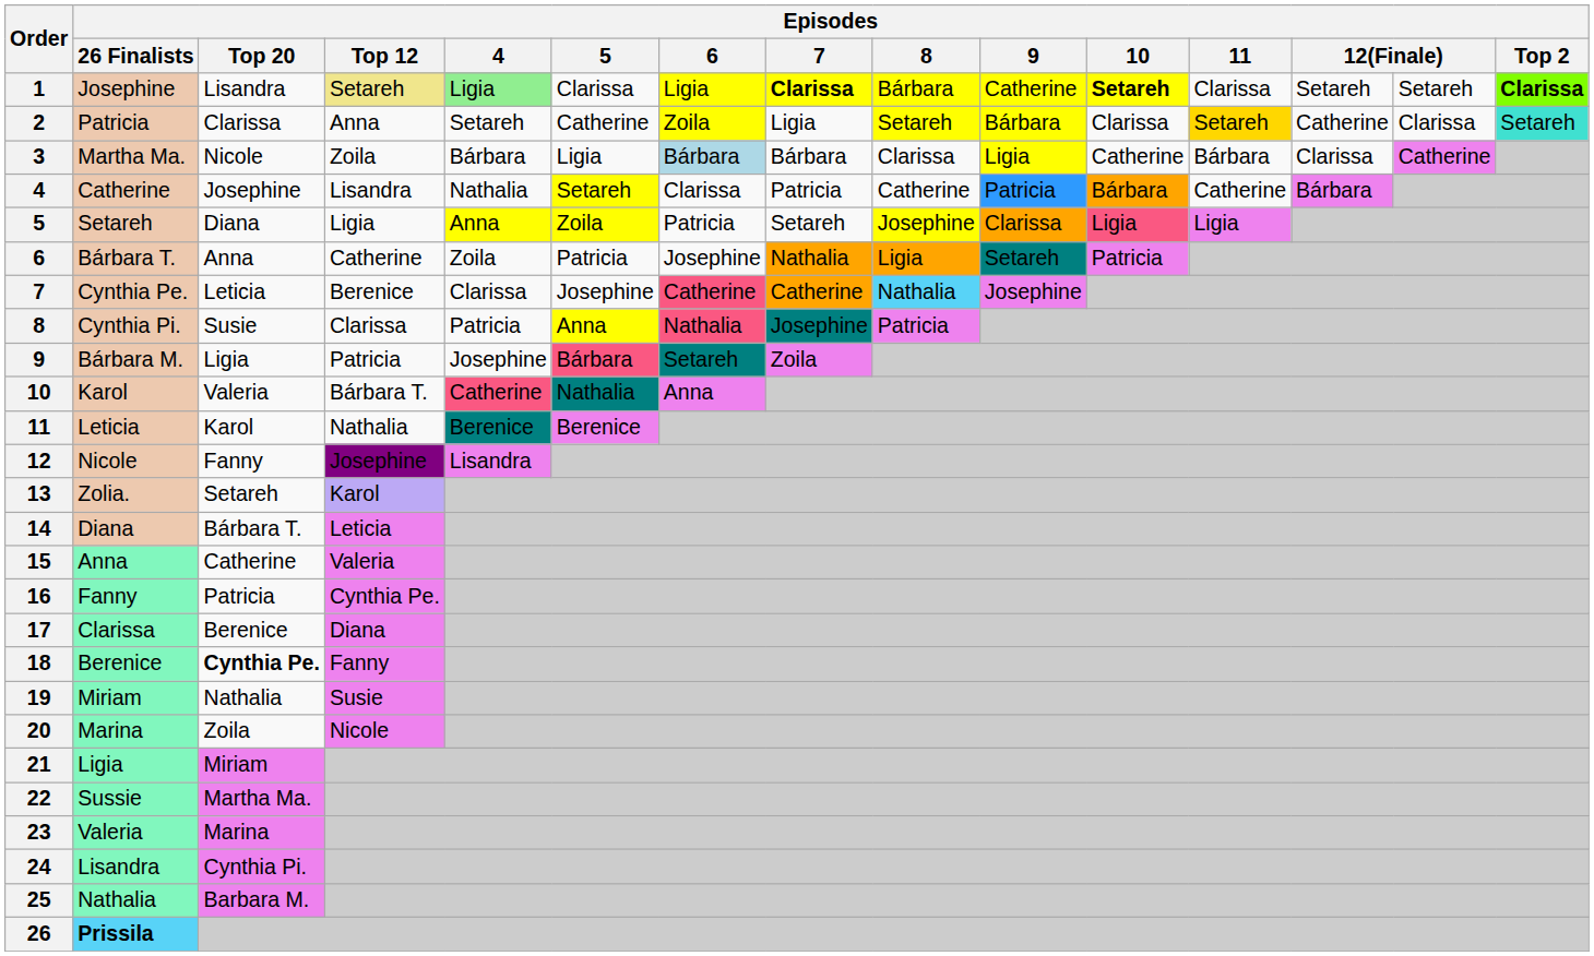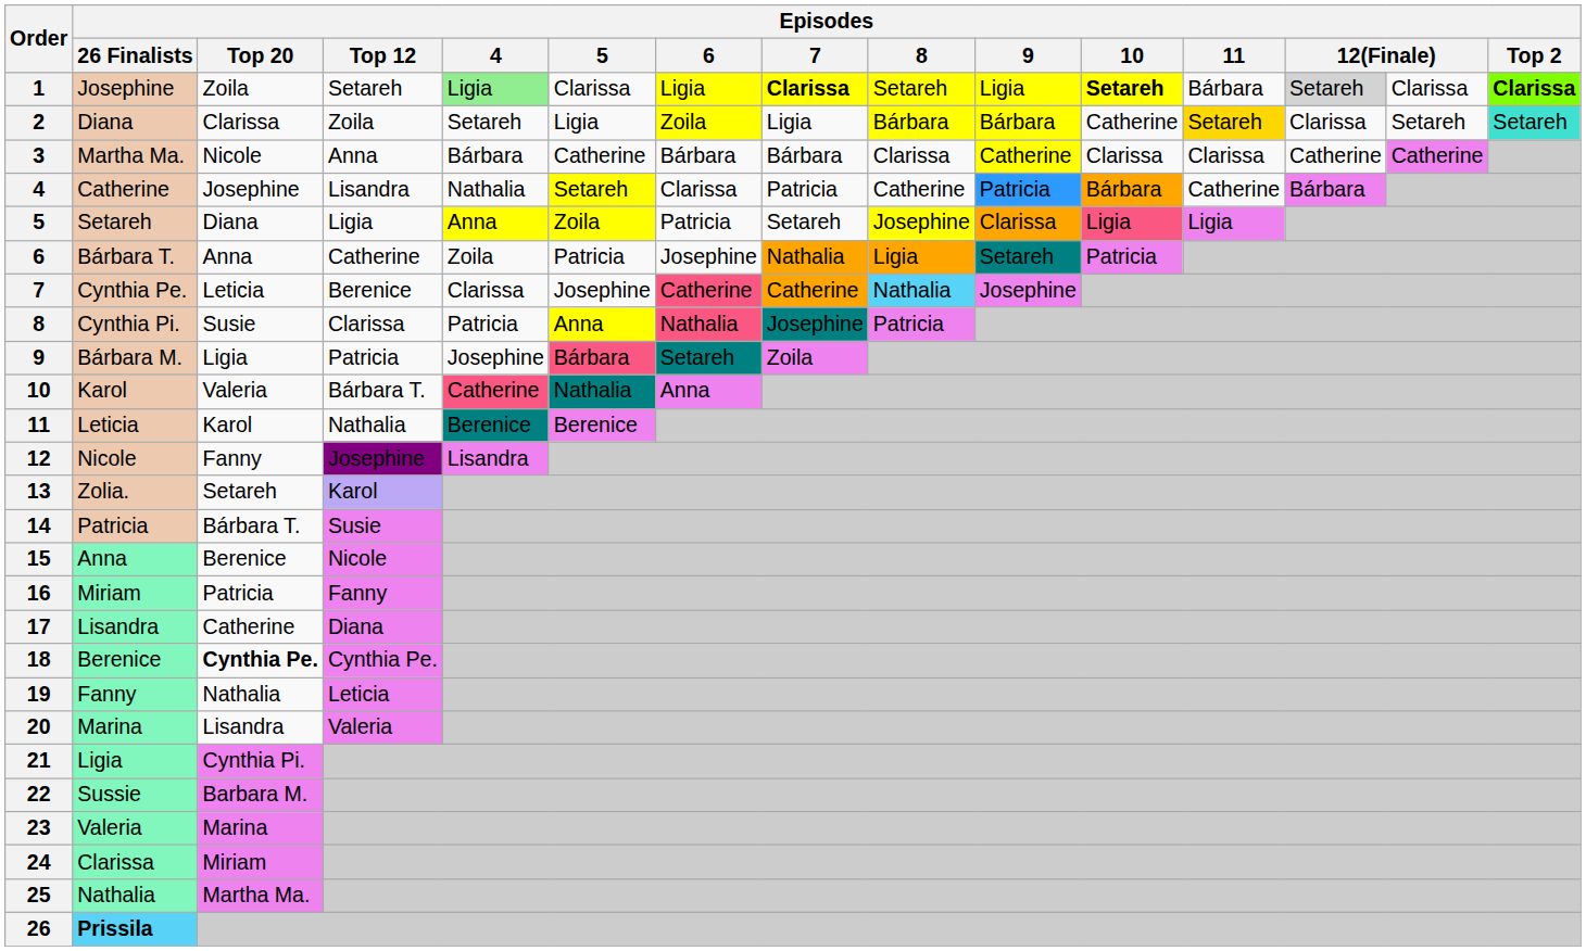 <table class="wikitable">
 <tr>
 <th rowspan=2>Order</th>
 <th colspan=20>Episodes</th>
 </tr>
 <tr>
 <th>26 Finalists</th>
 <th>Top 20</th>
 <th>Top 12</th>
 <th>4</th>
 <th>5</th>
 <th>6</th>
 <th>7</th>
 <th>8</th>
 <th>9</th>
 <th>10</th>
 <th>11</th>
 <th colspan="2">12(Finale)</th>
 <th>Top 2</th>
 </tr>
 <tr>
 <th>1</th>
 <td style="background:#EDC9AF;">Josephine</td>
-<td>Lisandra</td>
-<td style="background: khaki;">Setareh</td>
+<td>Zoila</td>
+<td>Setareh</td>
 <td style="background: lightgreen;">Ligia</td>
 <td>Clarissa</td>
 <td style="background:yellow;">Ligia</td>
 <td style="background:yellow;"><strong>Clarissa</strong></td>
-<td style="background:yellow;">Bárbara</td>
-<td style="background:yellow;">Catherine</td>
+<td style="background:yellow;">Setareh</td>
+<td style="background:yellow;">Ligia</td>
 <td style="background:yellow;"><strong>Setareh</strong></td>
+<td>Bárbara</td>
+<td style="background: lightgrey;">Setareh</td>
 <td>Clarissa</td>
-<td>Setareh</td>
-<td>Setareh</td>
 <td style="background:#80FF00;"><strong><span>Clarissa</span></strong></td>
 </tr>
 <tr>
 <th>2</th>
-<td style="background:#EDC9AF;">Patricia</td>
+<td style="background:#EDC9AF;">Diana</td>
 <td>Clarissa</td>
-<td>Anna</td>
+<td>Zoila</td>
 <td>Setareh</td>
-<td>Catherine</td>
+<td>Ligia</td>
 <td style="background:yellow;">Zoila</td>
 <td>Ligia</td>
-<td style="background:yellow;">Setareh</td>
 <td style="background:yellow;">Bárbara</td>
+<td style="background:yellow;">Bárbara</td>
+<td>Catherine</td>
+<td style="background: gold;">Setareh</td>
 <td>Clarissa</td>
-<td style="background: gold;">Setareh</td>
-<td>Catherine</td>
-<td>Clarissa</td>
+<td>Setareh</td>
 <td style="background:turquoise">Setareh</td>
 </tr>
 <tr>
 <th>3</th>
 <td style="background:#EDC9AF;">Martha Ma.</td>
 <td>Nicole</td>
-<td>Zoila</td>
+<td>Anna</td>
 <td>Bárbara</td>
-<td>Ligia</td>
-<td style="background: lightblue;">Bárbara</td>
+<td>Catherine</td>
+<td>Bárbara</td>
 <td>Bárbara</td>
 <td>Clarissa</td>
-<td style="background:yellow;">Ligia</td>
+<td style="background:yellow;">Catherine</td>
+<td>Clarissa</td>
+<td>Clarissa</td>
 <td>Catherine</td>
-<td>Bárbara</td>
-<td>Clarissa</td>
 <td style="background:violet;">Catherine</td>
 <td style="background:#ccc;" colspan="1"></td>
 </tr>
 <tr>
 <th>4</th>
 <td style="background:#EDC9AF;">Catherine</td>
 <td>Josephine</td>
 <td>Lisandra</td>
 <td>Nathalia</td>
 <td style="background:yellow;">Setareh</td>
 <td>Clarissa</td>
 <td>Patricia</td>
 <td>Catherine</td>
 <td style="background:#2E9AFE;"><span>Patricia</span></td>
 <td style="background:orange;">Bárbara</td>
 <td>Catherine</td>
 <td style="background:violet;">Bárbara</td>
 <td style="background:#ccc;" colspan="2"></td>
 </tr>
 <tr>
 <th>5</th>
 <td style="background:#EDC9AF;">Setareh</td>
 <td>Diana</td>
 <td>Ligia</td>
 <td style="background:yellow;">Anna</td>
 <td style="background:yellow;">Zoila</td>
 <td>Patricia</td>
 <td>Setareh</td>
 <td style="background:yellow;">Josephine</td>
 <td style="background:orange;">Clarissa</td>
 <td style="background:#FA5882;"><span>Ligia</span></td>
 <td style="background:violet;">Ligia</td>
 <td style="background:#ccc;" colspan="3"></td>
 </tr>
 <tr>
 <th>6</th>
 <td style="background:#EDC9AF;">Bárbara T.</td>
 <td>Anna</td>
 <td>Catherine</td>
 <td>Zoila</td>
 <td>Patricia</td>
 <td>Josephine</td>
 <td style="background:orange;">Nathalia</td>
 <td style="background:orange;">Ligia</td>
 <td style="background:Teal;"><span>Setareh</span></td>
 <td style="background:violet;">Patricia</td>
 <td style="background:#ccc;" colspan="4"></td>
 </tr>
 <tr>
 <th>7</th>
 <td style="background:#EDC9AF;">Cynthia Pe.</td>
 <td>Leticia</td>
 <td>Berenice</td>
 <td>Clarissa</td>
 <td>Josephine</td>
 <td style="background:#FA5882;"><span>Catherine</span></td>
 <td style="background:orange;">Catherine</td>
 <td style="background:#58D3F7">Nathalia</td>
 <td style="background:violet;">Josephine</td>
 <td style="background:#ccc;" colspan="5"></td>
 </tr>
 <tr>
 <th>8</th>
 <td style="background:#EDC9AF;">Cynthia Pi.</td>
 <td>Susie</td>
 <td>Clarissa</td>
 <td>Patricia</td>
 <td style="background:yellow;">Anna</td>
 <td style="background:#FA5882;"><span>Nathalia</span></td>
 <td style="background:Teal;"><span>Josephine</span></td>
 <td style="background:violet;">Patricia</td>
 <td style="background:#ccc;" colspan="6"></td>
 </tr>
 <tr>
 <th>9</th>
 <td style="background:#EDC9AF;">Bárbara M.</td>
 <td>Ligia</td>
 <td>Patricia</td>
 <td>Josephine</td>
 <td style="background:#FA5882;"><span>Bárbara</span></td>
 <td style="background:Teal;"><span>Setareh</span></td>
 <td style="background:violet;">Zoila</td>
 <td style="background:#ccc;" colspan="7"></td>
 </tr>
 <tr>
 <th>10</th>
 <td style="background:#EDC9AF;">Karol</td>
 <td>Valeria</td>
 <td>Bárbara T.</td>
 <td style="background:#FA5882;"><span>Catherine</span></td>
 <td style="background:Teal;"><span>Nathalia</span></td>
 <td style="background:violet;">Anna</td>
 <td style="background:#ccc;" colspan="8"></td>
 </tr>
 <tr>
 <th>11</th>
 <td style="background:#EDC9AF;">Leticia</td>
 <td>Karol</td>
 <td>Nathalia</td>
 <td style="background:Teal;"><span>Berenice</span></td>
 <td style="background:violet;">Berenice</td>
 <td style="background:#ccc;" colspan="9"></td>
 </tr>
 <tr>
 <th>12</th>
 <td style="background:#EDC9AF;">Nicole</td>
 <td>Fanny</td>
 <td style="background:purple;"><span>Josephine</span></td>
 <td style="background:violet;">Lisandra</td>
 <td style="background:#ccc;" colspan="10"></td>
 </tr>
 <tr>
 <th>13</th>
 <td style="background:#EDC9AF;">Zolia.</td>
 <td>Setareh</td>
 <td style="background:#BCA9F5">Karol</td>
 <td style="background:#ccc;" colspan="11"></td>
 </tr>
 <tr>
 <th>14</th>
-<td style="background:#EDC9AF;">Diana</td>
+<td style="background:#EDC9AF;">Patricia</td>
 <td>Bárbara T.</td>
-<td style="background:violet;">Leticia</td>
+<td style="background:violet;">Susie</td>
 <td style="background:#ccc;" colspan="11"></td>
 </tr>
 <tr>
 <th>15</th>
 <td style="background:#81F7BE">Anna</td>
-<td>Catherine</td>
-<td style="background:violet;">Valeria</td>
+<td>Berenice</td>
+<td style="background:violet;">Nicole</td>
 <td style="background:#ccc;" colspan="11"></td>
 </tr>
 <tr>
 <th>16</th>
-<td style="background:#81F7BE">Fanny</td>
+<td style="background:#81F7BE">Miriam</td>
 <td>Patricia</td>
-<td style="background:violet;">Cynthia Pe.</td>
+<td style="background:violet;">Fanny</td>
 <td style="background:#ccc;" colspan="11"></td>
 </tr>
 <tr>
 <th>17</th>
-<td style="background:#81F7BE">Clarissa</td>
-<td>Berenice</td>
+<td style="background:#81F7BE">Lisandra</td>
+<td>Catherine</td>
 <td style="background:violet;">Diana</td>
 <td style="background:#ccc;" colspan="11"></td>
 </tr>
 <tr>
 <th>18</th>
 <td style="background:#81F7BE">Berenice</td>
 <td><strong>Cynthia Pe.</strong></td>
-<td style="background:violet;">Fanny</td>
+<td style="background:violet;">Cynthia Pe.</td>
 <td style="background:#ccc;" colspan="11"></td>
 </tr>
 <tr>
 <th>19</th>
-<td style="background:#81F7BE">Miriam</td>
+<td style="background:#81F7BE">Fanny</td>
 <td>Nathalia</td>
-<td style="background:violet;">Susie</td>
+<td style="background:violet;">Leticia</td>
 <td style="background:#ccc;" colspan="11"></td>
 </tr>
 <tr>
 <th>20</th>
 <td style="background:#81F7BE">Marina</td>
-<td>Zoila</td>
-<td style="background:violet;">Nicole</td>
+<td>Lisandra</td>
+<td style="background:violet;">Valeria</td>
 <td style="background:#ccc;" colspan="11"></td>
 </tr>
 <tr>
 <th>21</th>
 <td style="background:#81F7BE">Ligia</td>
-<td style="background:violet;">Miriam</td>
+<td style="background:violet;">Cynthia Pi.</td>
 <td style="background:#ccc;" colspan="12"></td>
 </tr>
 <tr>
 <th>22</th>
 <td style="background:#81F7BE">Sussie</td>
-<td style="background:violet;">Martha Ma.</td>
+<td style="background:violet;">Barbara M.</td>
 <td style="background:#ccc;" colspan="12"></td>
 </tr>
 <tr>
 <th>23</th>
 <td style="background:#81F7BE">Valeria</td>
 <td style="background:violet;">Marina</td>
 <td style="background:#ccc;" colspan="12"></td>
 </tr>
 <tr>
 <th>24</th>
-<td style="background:#81F7BE">Lisandra</td>
-<td style="background:violet;">Cynthia Pi.</td>
+<td style="background:#81F7BE">Clarissa</td>
+<td style="background:violet;">Miriam</td>
 <td style="background:#ccc;" colspan="12"></td>
 </tr>
 <tr>
 <th>25</th>
 <td style="background:#81F7BE">Nathalia</td>
-<td style="background:violet;">Barbara M.</td>
+<td style="background:violet;">Martha Ma.</td>
 <td style="background:#ccc;" colspan="12"></td>
 </tr>
 <tr>
 <th>26</th>
 <td style="background:#58D3F7"><strong>Prissila</strong></td>
 <td style="background:#ccc;" colspan="13"></td>
 </tr>
 <tr>
 </tr>
 </table>
